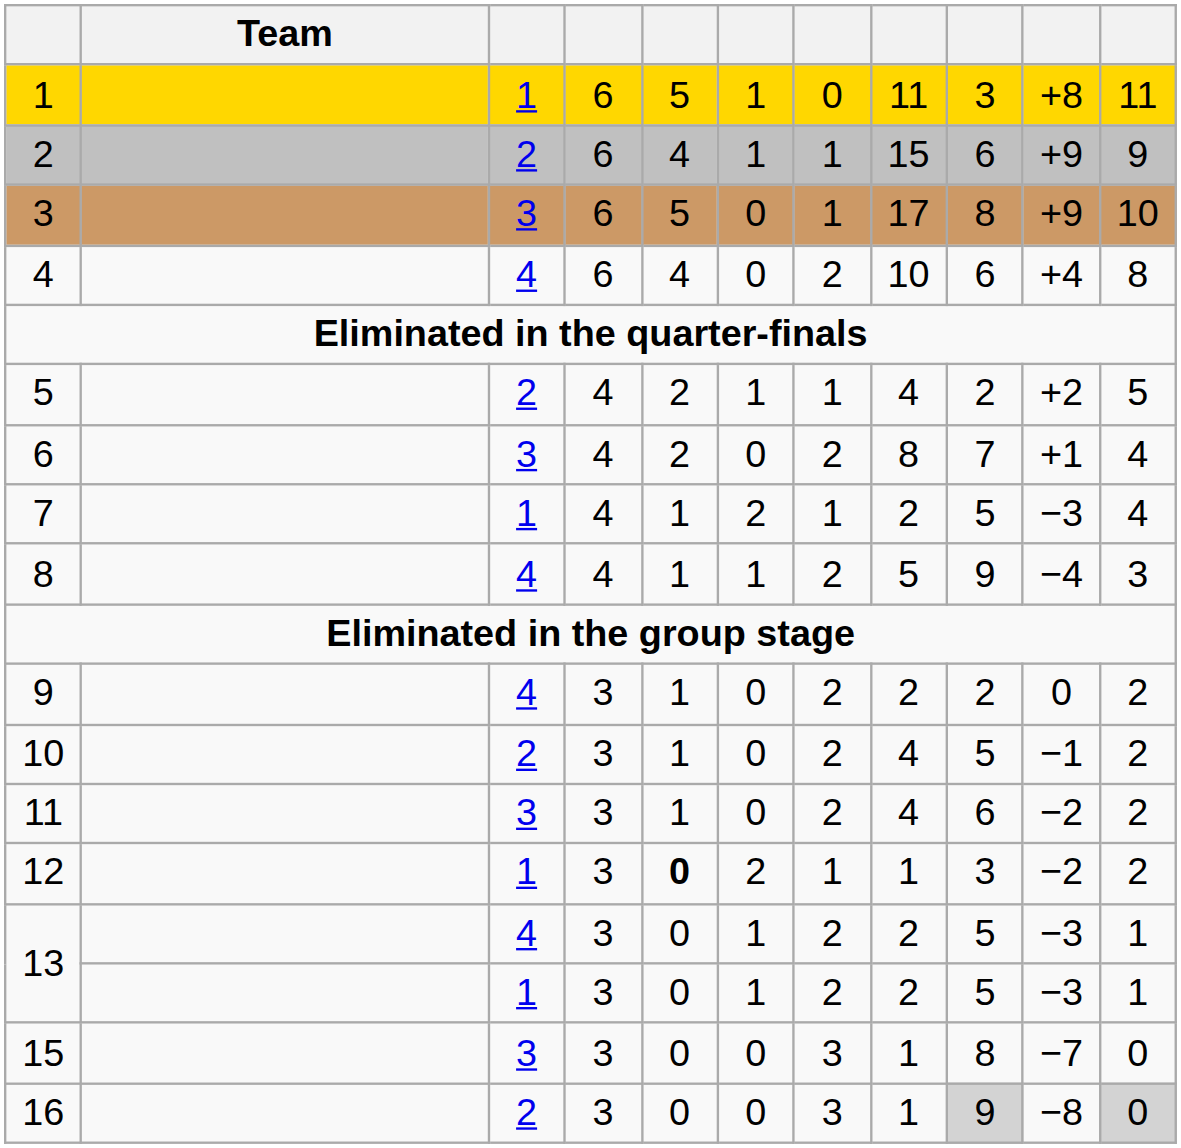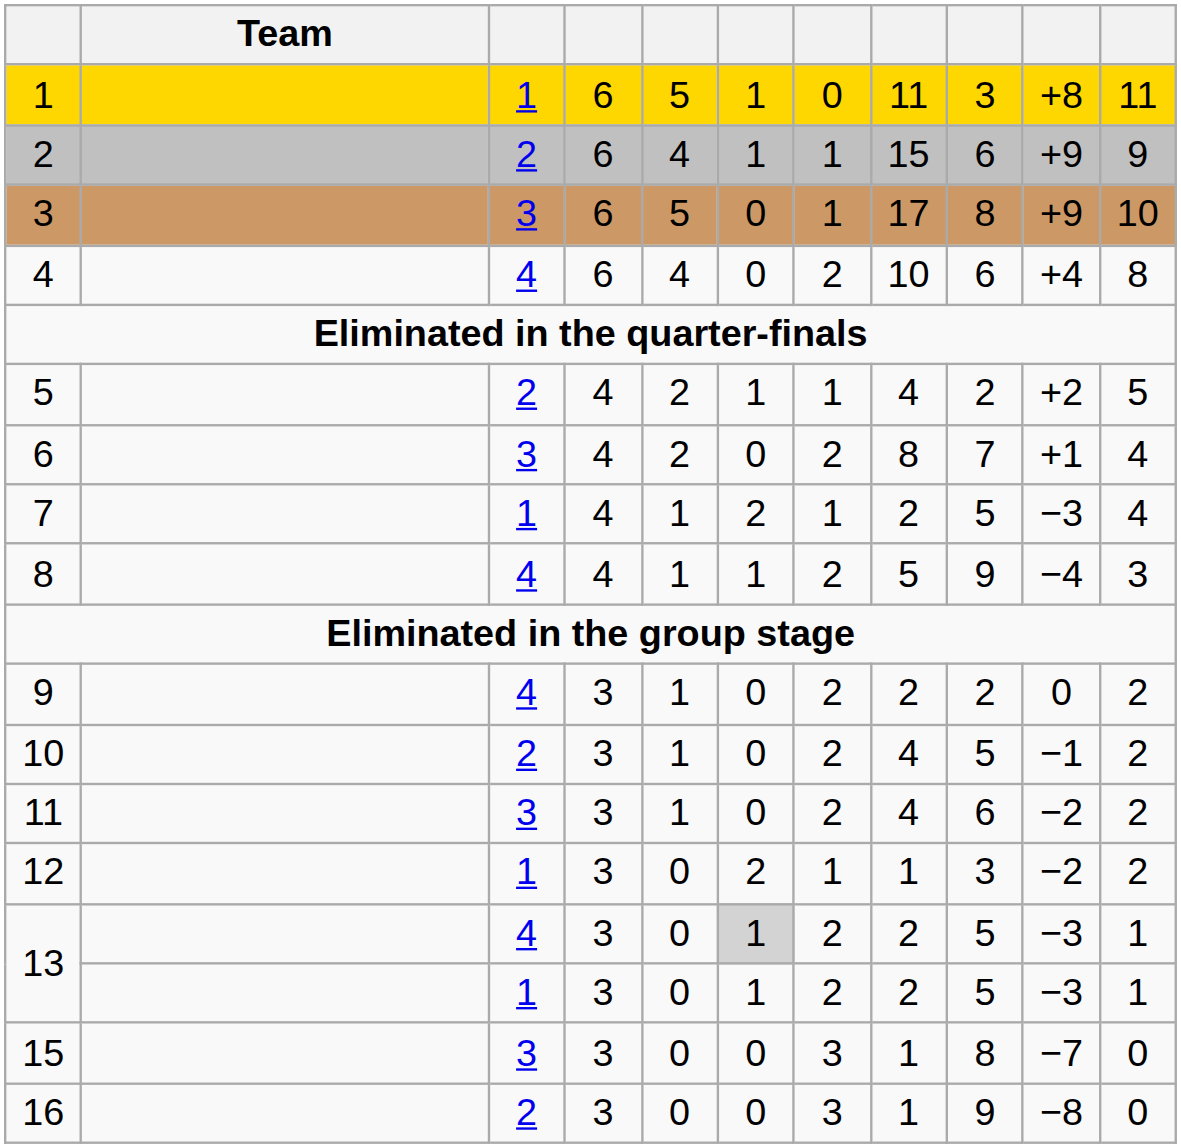 <table class="wikitable" style="text-align:center">
 <tr>
 <th width=25></th>
 <th width=165>Team</th>
 <th width=25></th>
 <th width=25></th>
 <th width=25></th>
 <th width=25></th>
 <th width=25></th>
 <th width=25></th>
 <th width=25></th>
 <th width=25></th>
 <th width=25></th>
 </tr>
 <tr style="background:gold">
 <td>1</td>
 <td style="text-align:left"></td>
 <td><a href='#'>1</a></td>
 <td>6</td>
 <td>5</td>
 <td>1</td>
 <td>0</td>
 <td>11</td>
 <td>3</td>
 <td>+8</td>
 <td>11</td>
 </tr>
 <tr style="background:silver">
 <td>2</td>
 <td style="text-align:left"></td>
 <td><a href='#'>2</a></td>
 <td>6</td>
 <td>4</td>
 <td>1</td>
 <td>1</td>
 <td>15</td>
 <td>6</td>
 <td>+9</td>
 <td>9</td>
 </tr>
 <tr style="background:#c96">
 <td>3</td>
 <td style="text-align:left"></td>
 <td><a href='#'>3</a></td>
 <td>6</td>
 <td>5</td>
 <td>0</td>
 <td>1</td>
 <td>17</td>
 <td>8</td>
 <td>+9</td>
 <td>10</td>
 </tr>
 <tr style="">
 <td>4</td>
 <td style="text-align:left"></td>
 <td><a href='#'>4</a></td>
 <td>6</td>
 <td>4</td>
 <td>0</td>
 <td>2</td>
 <td>10</td>
 <td>6</td>
 <td>+4</td>
 <td>8</td>
 </tr>
 <tr>
 <td colspan="11"><strong>Eliminated in the quarter-finals</strong></td>
 </tr>
 <tr>
 <td>5</td>
 <td style="text-align:left"></td>
 <td><a href='#'>2</a></td>
 <td>4</td>
 <td>2</td>
 <td>1</td>
 <td>1</td>
 <td>4</td>
 <td>2</td>
 <td>+2</td>
 <td>5</td>
 </tr>
 <tr>
 <td>6</td>
 <td style="text-align:left"></td>
 <td><a href='#'>3</a></td>
 <td>4</td>
 <td>2</td>
 <td>0</td>
 <td>2</td>
 <td>8</td>
 <td>7</td>
 <td>+1</td>
 <td>4</td>
 </tr>
 <tr>
 <td>7</td>
 <td style="text-align:left"></td>
 <td><a href='#'>1</a></td>
 <td>4</td>
 <td>1</td>
 <td>2</td>
 <td>1</td>
 <td>2</td>
 <td>5</td>
 <td>−3</td>
 <td>4</td>
 </tr>
 <tr>
 <td>8</td>
 <td style="text-align:left"></td>
 <td><a href='#'>4</a></td>
 <td>4</td>
 <td>1</td>
 <td>1</td>
 <td>2</td>
 <td>5</td>
 <td>9</td>
 <td>−4</td>
 <td>3</td>
 </tr>
 <tr>
 <td colspan="11"><strong>Eliminated in the group stage</strong></td>
 </tr>
 <tr>
 <td>9</td>
 <td style="text-align:left"></td>
 <td><a href='#'>4</a></td>
 <td>3</td>
 <td>1</td>
 <td>0</td>
 <td>2</td>
 <td>2</td>
 <td>2</td>
 <td>0</td>
 <td>2</td>
 </tr>
 <tr>
 <td>10</td>
 <td style="text-align:left"></td>
 <td><a href='#'>2</a></td>
 <td>3</td>
 <td>1</td>
 <td>0</td>
 <td>2</td>
 <td>4</td>
 <td>5</td>
 <td>−1</td>
 <td>2</td>
 </tr>
 <tr>
 <td>11</td>
 <td style="text-align:left"></td>
 <td><a href='#'>3</a></td>
 <td>3</td>
 <td>1</td>
 <td>0</td>
 <td>2</td>
 <td>4</td>
 <td>6</td>
 <td>−2</td>
 <td>2</td>
 </tr>
 <tr>
 <td>12</td>
 <td style="text-align:left"></td>
 <td><a href='#'>1</a></td>
 <td>3</td>
-<td><strong>0</strong></td>
+<td>0</td>
 <td>2</td>
 <td>1</td>
 <td>1</td>
 <td>3</td>
 <td>−2</td>
 <td>2</td>
 </tr>
 <tr>
 <td rowspan="2">13</td>
 <td style="text-align:left"></td>
 <td><a href='#'>4</a></td>
 <td>3</td>
 <td>0</td>
-<td>1</td>
+<td style="background: lightgrey;">1</td>
 <td>2</td>
 <td>2</td>
 <td>5</td>
 <td>−3</td>
 <td>1</td>
 </tr>
 <tr>
 <td style="text-align:left"></td>
 <td><a href='#'>1</a></td>
 <td>3</td>
 <td>0</td>
 <td>1</td>
 <td>2</td>
 <td>2</td>
 <td>5</td>
 <td>−3</td>
 <td>1</td>
 </tr>
 <tr>
 <td>15</td>
 <td style="text-align:left"></td>
 <td><a href='#'>3</a></td>
 <td>3</td>
 <td>0</td>
 <td>0</td>
 <td>3</td>
 <td>1</td>
 <td>8</td>
 <td>−7</td>
 <td>0</td>
 </tr>
 <tr>
 <td>16</td>
 <td style="text-align:left"></td>
 <td><a href='#'>2</a></td>
 <td>3</td>
 <td>0</td>
 <td>0</td>
 <td>3</td>
 <td>1</td>
-<td style="background: lightgrey;">9</td>
+<td>9</td>
 <td>−8</td>
-<td style="background: lightgrey;">0</td>
+<td>0</td>
 </tr>
 </table>
